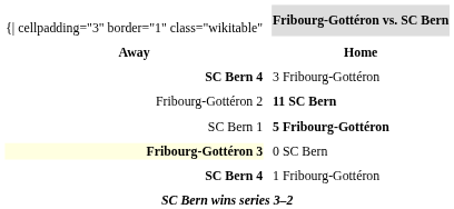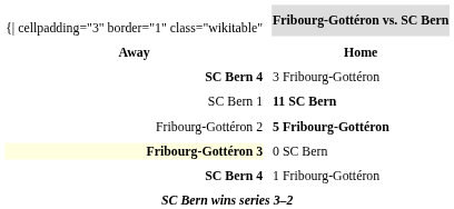 <table cellspacing="10">
 <tr>
 <td valign="top"><br>	{| cellpadding="3" border="1"  class="wikitable"</td>
 <th bgcolor="#DDDDDD" colspan="4">Fribourg-Gottéron vs. SC Bern</th>
 </tr>
 <tr>
 <th>Away</th>
 <th>Home</th>
 </tr>
 <tr>
 <td align = "right"><strong>SC Bern 4</strong></td>
 <td>3 Fribourg-Gottéron</td>
 </tr>
 <tr>
-<td align = "right">Fribourg-Gottéron 2</td>
+<td align = "right">SC Bern 1</td>
 <td><strong>11 SC Bern </strong></td>
 </tr>
 <tr>
-<td align = "right">SC Bern 1</td>
+<td align = "right">Fribourg-Gottéron 2</td>
 <td><strong>5 Fribourg-Gottéron </strong></td>
 </tr>
 <tr>
 <td align = "right" style="background: lightyellow;"><strong> Fribourg-Gottéron 3</strong></td>
 <td>0 SC Bern</td>
 </tr>
 <tr>
 <td align = "right"><strong> SC Bern 4</strong></td>
 <td>1 Fribourg-Gottéron</td>
 </tr>
 <tr align="center">
 <td colspan="4"><strong><em>SC Bern wins series 3–2</em></strong></td>
 </tr>
 </table>
